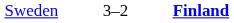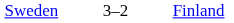 <table style="text-align:center">
 <tr>
 <th width=200></th>
 <th width=100></th>
 <th width=200></th>
 </tr>
 <tr>
 <td align=right><a href='#'>Sweden</a> </td>
 <td>3–2</td>
-<td align=left><strong> <a href='#'>Finland</a></strong></td>
+<td align=left> <a href='#'>Finland</a></td>
 </tr>
 </table>
